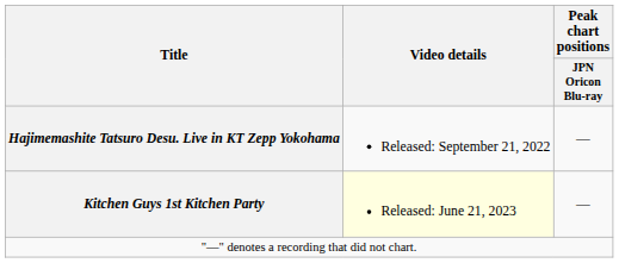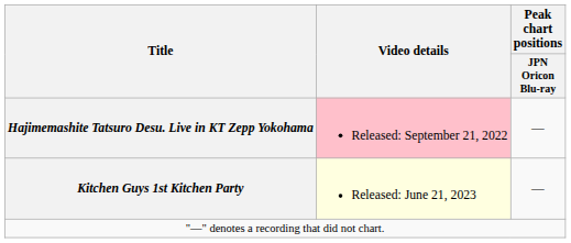 <table class="wikitable plainrowheaders">
 <tr>
 <th scope="col" rowspan="2">Title</th>
 <th scope="col" rowspan="2">Video details</th>
 <th scope="col">Peak chart positions</th>
 </tr>
 <tr>
 <th scope="col" style="width:4em;font-size:85%">JPN<br>Oricon<br>Blu-ray</th>
 </tr>
 <tr>
 <th scope="row"><em>Hajimemashite Tatsuro Desu. Live in KT Zepp Yokohama</em><br></th>
-<td><br><ul><li>Released: September 21, 2022</li></ul></td>
+<td style="background: pink;"><br><ul><li>Released: September 21, 2022</li></ul></td>
 <td align="center">—</td>
 </tr>
 <tr>
 <th scope="row"><em>Kitchen Guys 1st Kitchen Party</em></th>
 <td style="background: lightyellow;"><br><ul><li>Released: June 21, 2023</li></ul></td>
 <td align="center">—</td>
 </tr>
 <tr>
 <td align="center" colspan="5" style="font-size:90%">"—" denotes a recording that did not chart.</td>
 </tr>
 </table>
